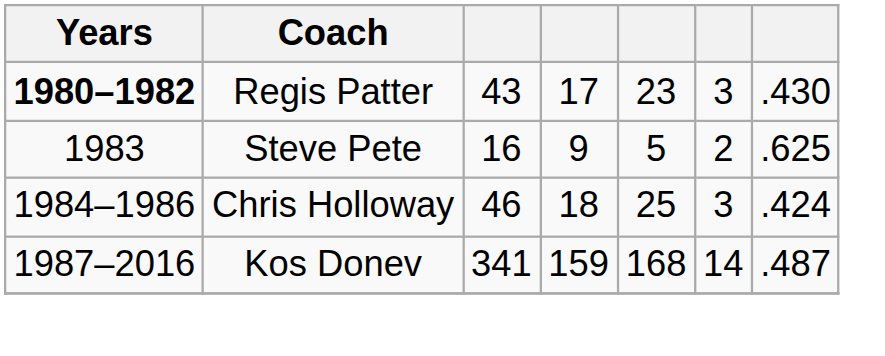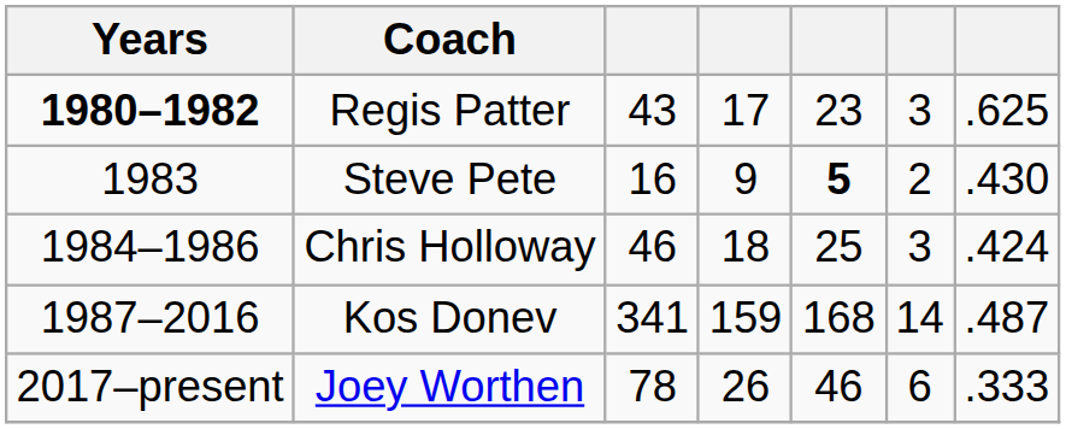 <table class="wikitable" style="text-align:center">
 <tr>
 <th width=xpx>Years</th>
 <th width=xpx>Coach</th>
 <th width=xpx></th>
 <th width=xpx></th>
 <th width=xpx></th>
 <th width=xpx></th>
 <th width=xpx></th>
 </tr>
 <tr>
 <td><strong>1980–1982</strong></td>
 <td>Regis Patter</td>
 <td>43</td>
 <td>17</td>
 <td>23</td>
 <td>3</td>
-<td>.430</td>
+<td>.625</td>
 </tr>
 <tr>
 <td>1983</td>
 <td>Steve Pete</td>
 <td>16</td>
 <td>9</td>
-<td>5</td>
+<td><strong>5</strong></td>
 <td>2</td>
-<td>.625</td>
+<td>.430</td>
 </tr>
 <tr>
 <td>1984–1986</td>
 <td>Chris Holloway</td>
 <td>46</td>
 <td>18</td>
 <td>25</td>
 <td>3</td>
 <td>.424</td>
 </tr>
 <tr>
 <td>1987–2016</td>
 <td>Kos Donev</td>
 <td>341</td>
 <td>159</td>
 <td>168</td>
 <td>14</td>
 <td>.487</td>
 </tr>
 <tr>
+<td>2017–present</td>
+<td><a href='#'>Joey Worthen</a></td>
+<td>78</td>
+<td>26</td>
+<td>46</td>
+<td>6</td>
+<td>.333</td>
+</tr>
+<tr>
 </tr>
 </table>
